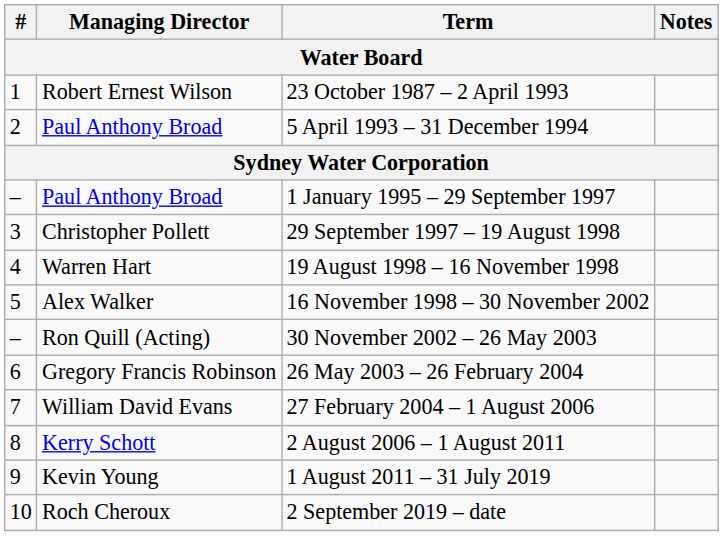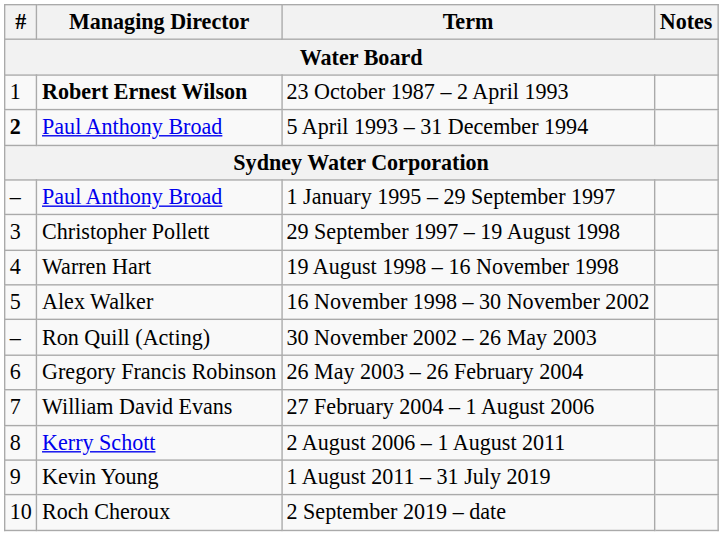 <table class="wikitable">
 <tr>
 <th>#</th>
 <th>Managing Director</th>
 <th>Term</th>
 <th>Notes</th>
 </tr>
 <tr>
 <th colspan=4>Water Board</th>
 </tr>
 <tr>
 <td>1</td>
-<td>Robert Ernest Wilson</td>
+<td><strong>Robert Ernest Wilson</strong></td>
 <td>23 October 1987 – 2 April 1993</td>
 <td></td>
 </tr>
 <tr>
-<td>2</td>
+<td><strong>2</strong></td>
 <td><a href='#'>Paul Anthony Broad</a></td>
 <td>5 April 1993 – 31 December 1994</td>
 <td></td>
 </tr>
 <tr>
 <th colspan=4>Sydney Water Corporation</th>
 </tr>
 <tr>
 <td>–</td>
 <td><a href='#'>Paul Anthony Broad</a></td>
 <td>1 January 1995 – 29 September 1997</td>
 <td></td>
 </tr>
 <tr>
 <td>3</td>
 <td>Christopher Pollett</td>
 <td>29 September 1997 – 19 August 1998</td>
 <td></td>
 </tr>
 <tr>
 <td>4</td>
 <td>Warren Hart</td>
 <td>19 August 1998 – 16 November 1998</td>
 <td></td>
 </tr>
 <tr>
 <td>5</td>
 <td>Alex Walker</td>
 <td>16 November 1998 – 30 November 2002</td>
 <td></td>
 </tr>
 <tr>
 <td>–</td>
 <td>Ron Quill (Acting)</td>
 <td>30 November 2002 – 26 May 2003</td>
 <td></td>
 </tr>
 <tr>
 <td>6</td>
 <td>Gregory Francis Robinson</td>
 <td>26 May 2003 – 26 February 2004</td>
 <td></td>
 </tr>
 <tr>
 <td>7</td>
 <td>William David Evans</td>
 <td>27 February 2004 – 1 August 2006</td>
 <td></td>
 </tr>
 <tr>
 <td>8</td>
 <td><a href='#'>Kerry Schott</a></td>
 <td>2 August 2006 – 1 August 2011</td>
 <td></td>
 </tr>
 <tr>
 <td>9</td>
 <td>Kevin Young</td>
 <td>1 August 2011 – 31 July 2019</td>
 <td></td>
 </tr>
 <tr>
 <td>10</td>
 <td>Roch Cheroux</td>
 <td>2 September 2019 – date</td>
 <td></td>
 </tr>
 </table>
